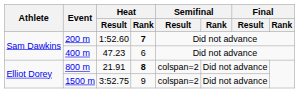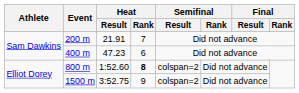 <table class="wikitable" style="font-size:90%">
 <tr>
 <th rowspan=2>Athlete</th>
 <th rowspan=2>Event</th>
 <th colspan=2>Heat</th>
 <th colspan=2>Semifinal</th>
 <th colspan=2>Final</th>
 </tr>
 <tr style="font-size:95%">
 <th>Result</th>
 <th>Rank</th>
 <th>Result</th>
 <th>Rank</th>
 <th>Result</th>
 <th>Rank</th>
 </tr>
 <tr align=center>
 <td align=left rowspan=2><a href='#'>Sam Dawkins</a></td>
 <td align=left><a href='#'>200 m</a></td>
-<td>1:52.60</td>
-<td><strong>7</strong></td>
+<td>21.91</td>
+<td>7</td>
 <td colspan=4>Did not advance</td>
 </tr>
 <tr align=center>
 <td align=left><a href='#'>400 m</a></td>
 <td>47.23</td>
 <td>6</td>
 <td colspan=4>Did not advance</td>
 </tr>
 <tr align=center>
 <td align=left rowspan=2><a href='#'>Elliot Dorey</a></td>
 <td align=left><a href='#'>800 m</a></td>
-<td>21.91</td>
+<td>1:52.60</td>
 <td><strong>8</strong></td>
 <td>colspan=2</td>
 <td colspan=2>Did not advance</td>
 </tr>
 <tr align=center>
 <td align=left><a href='#'>1500 m</a></td>
 <td>3:52.75</td>
 <td>9</td>
 <td>colspan=2 </td>
 <td colspan=2>Did not advance</td>
 </tr>
 </table>
